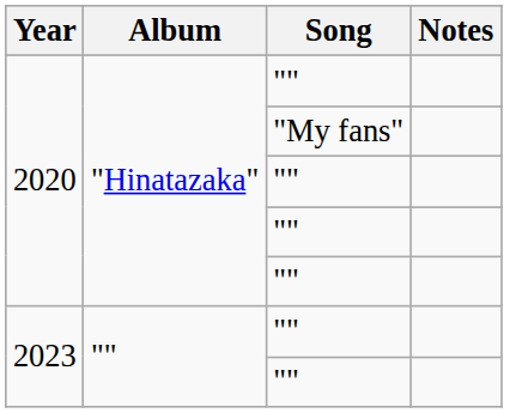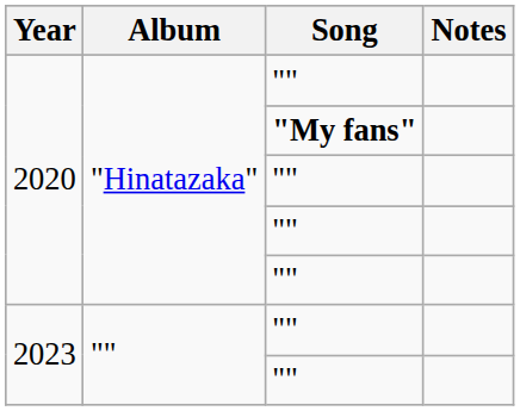 <table class="wikitable">
 <tr>
 <th>Year</th>
 <th>Album</th>
 <th>Song</th>
 <th>Notes</th>
 </tr>
 <tr>
 <td rowspan="5">2020</td>
 <td rowspan="5">"<a href='#'>Hinatazaka</a>"</td>
 <td>""</td>
 <td></td>
 </tr>
 <tr>
-<td>"My fans"</td>
+<td><strong>"My fans"</strong></td>
 <td></td>
 </tr>
 <tr>
 <td>""</td>
 <td></td>
 </tr>
 <tr>
 <td>""</td>
 <td></td>
 </tr>
 <tr>
 <td>""</td>
 <td></td>
 </tr>
 <tr>
 <td rowspan="2">2023</td>
 <td rowspan="2">""</td>
 <td>""</td>
 <td></td>
 </tr>
 <tr>
 <td>""</td>
 <td></td>
 </tr>
 </table>
